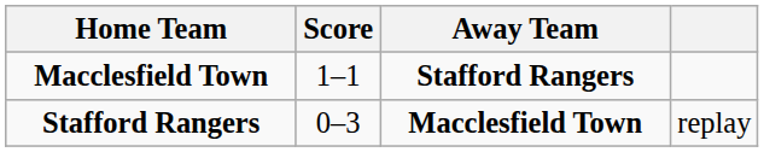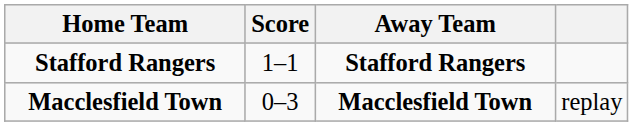 <table class="wikitable" style="text-align:center">
 <tr>
 <th width=150>Home Team</th>
 <th width=20>Score</th>
 <th width=150>Away Team</th>
 <th></th>
 </tr>
 <tr>
-<td><strong>Macclesfield Town</strong></td>
+<td><strong>Stafford Rangers</strong></td>
 <td>1–1</td>
 <td><strong>Stafford Rangers</strong></td>
 <td></td>
 </tr>
 <tr>
-<td><strong>Stafford Rangers</strong></td>
+<td><strong>Macclesfield Town</strong></td>
 <td>0–3</td>
 <td><strong>Macclesfield Town</strong></td>
 <td>replay</td>
 </tr>
 </table>
